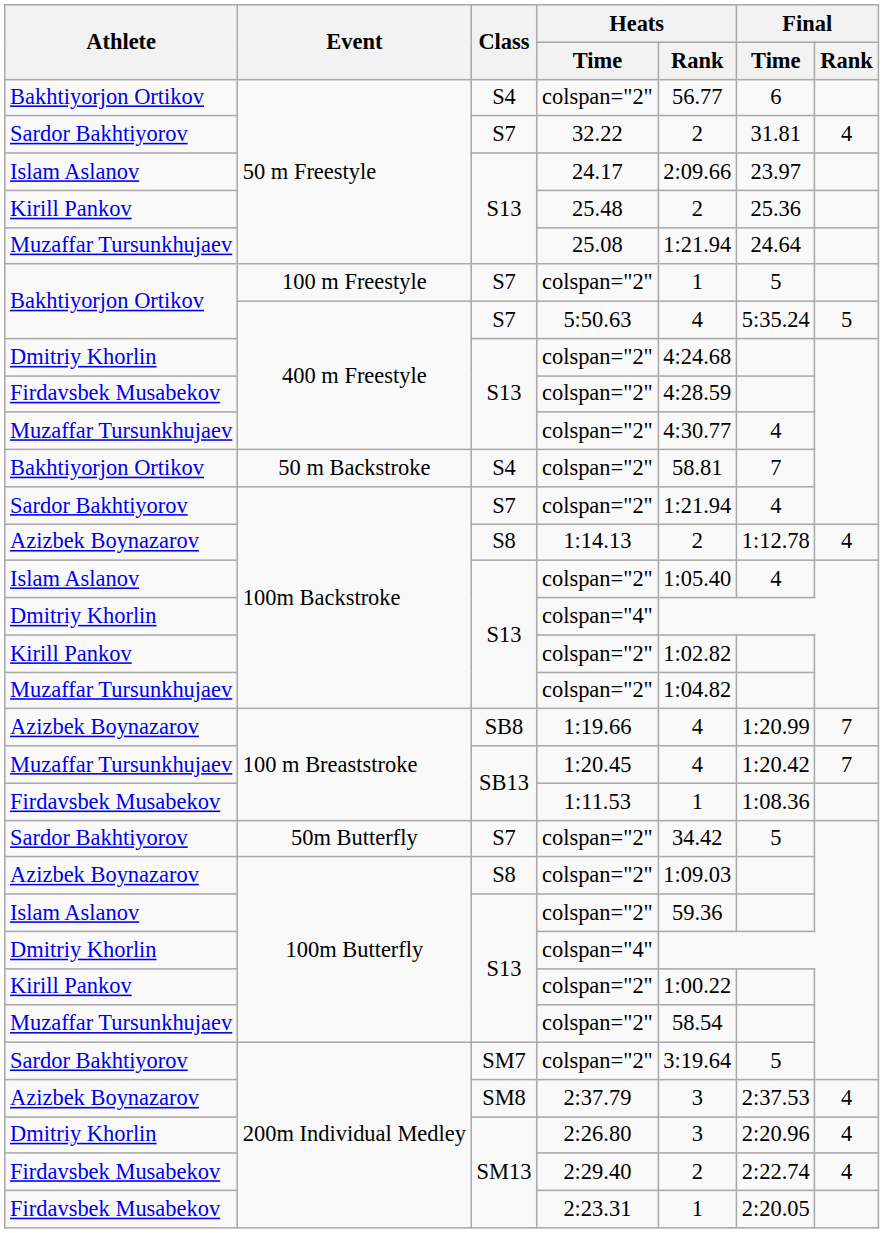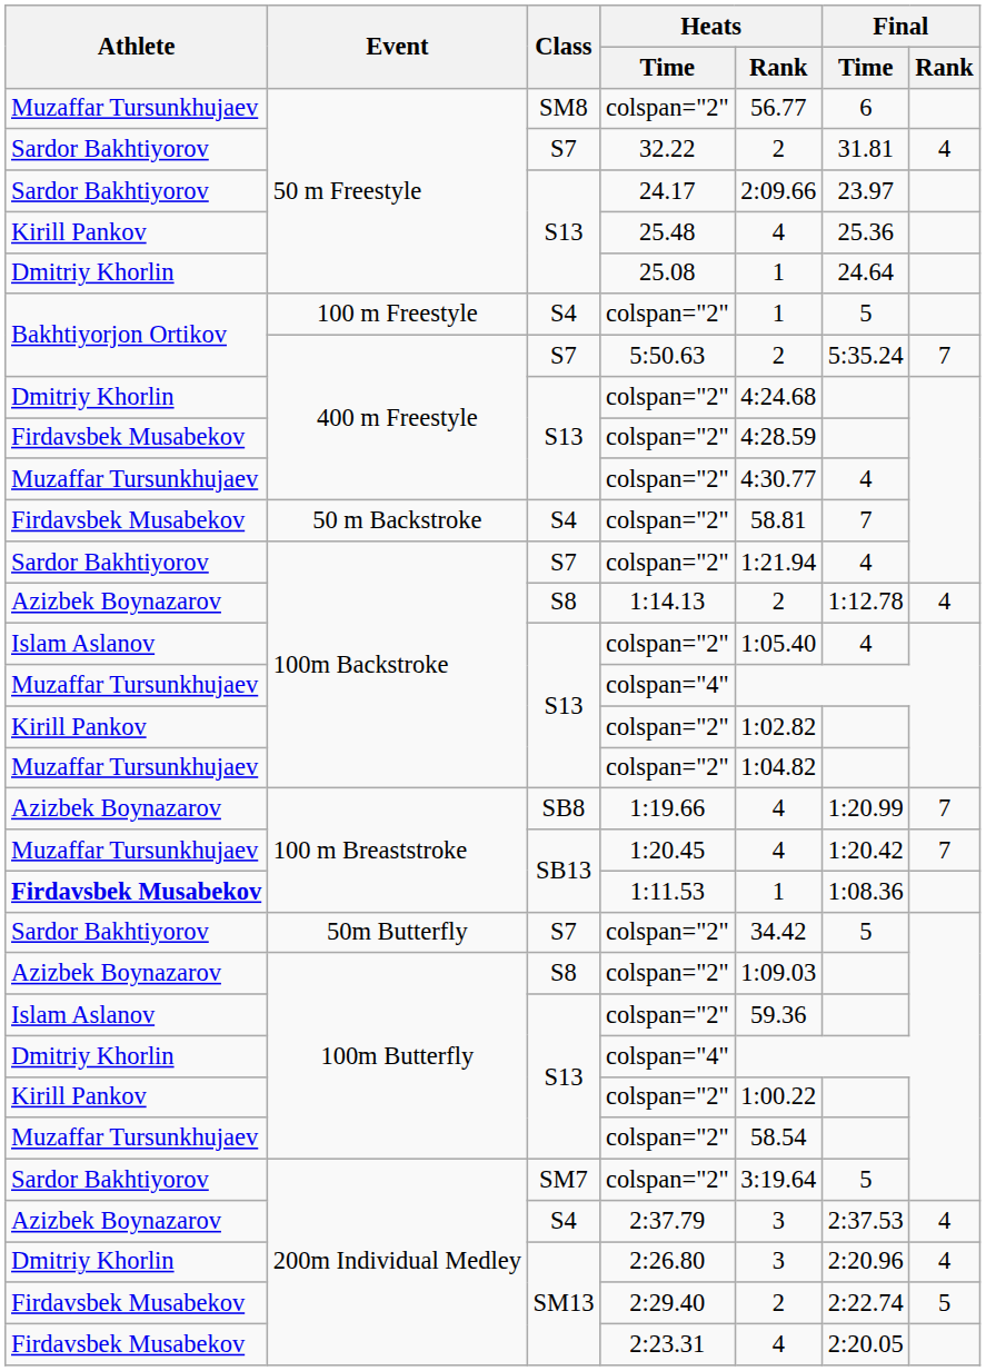 <table class="wikitable" style="text-align:center; font-size:90%">
 <tr>
 <th rowspan="2">Athlete</th>
 <th rowspan="2">Event</th>
 <th rowspan="2">Class</th>
 <th colspan="2">Heats</th>
 <th colspan="2">Final</th>
 </tr>
 <tr>
 <th>Time</th>
 <th>Rank</th>
 <th>Time</th>
 <th>Rank</th>
 </tr>
 <tr>
-<td align=left><a href='#'>Bakhtiyorjon Ortikov</a></td>
+<td align=left><a href='#'>Muzaffar Tursunkhujaev</a></td>
 <td align=left rowspan="5">50 m Freestyle</td>
-<td>S4</td>
+<td>SM8</td>
 <td>colspan="2" </td>
 <td>56.77</td>
 <td>6</td>
 </tr>
 <tr>
 <td align=left><a href='#'>Sardor Bakhtiyorov</a></td>
 <td>S7</td>
 <td>32.22</td>
 <td>2</td>
 <td>31.81</td>
 <td>4</td>
 </tr>
 <tr>
-<td align=left><a href='#'>Islam Aslanov</a></td>
+<td align=left><a href='#'>Sardor Bakhtiyorov</a></td>
 <td rowspan="3">S13</td>
 <td>24.17</td>
 <td>2:09.66</td>
 <td>23.97</td>
 <td></td>
 </tr>
 <tr>
 <td align=left><a href='#'>Kirill Pankov</a></td>
 <td>25.48</td>
-<td>2</td>
+<td>4</td>
 <td>25.36</td>
 <td></td>
 </tr>
 <tr>
-<td align=left><a href='#'>Muzaffar Tursunkhujaev</a></td>
+<td align=left><a href='#'>Dmitriy Khorlin</a></td>
 <td>25.08</td>
-<td>1:21.94</td>
+<td>1</td>
 <td>24.64</td>
 <td></td>
 </tr>
 <tr>
 <td align=left rowspan="2"><a href='#'>Bakhtiyorjon Ortikov</a></td>
 <td>100 m Freestyle</td>
-<td>S7</td>
+<td>S4</td>
 <td>colspan="2" </td>
 <td>1</td>
 <td>5</td>
 </tr>
 <tr>
 <td rowspan="4">400 m Freestyle</td>
 <td>S7</td>
 <td>5:50.63</td>
-<td>4</td>
+<td>2</td>
 <td>5:35.24</td>
-<td>5</td>
+<td>7</td>
 </tr>
 <tr>
 <td align=left><a href='#'>Dmitriy Khorlin</a></td>
 <td rowspan="3">S13</td>
 <td>colspan="2" </td>
 <td>4:24.68</td>
 <td></td>
 </tr>
 <tr>
 <td align=left><a href='#'>Firdavsbek Musabekov</a></td>
 <td>colspan="2" </td>
 <td>4:28.59</td>
 <td></td>
 </tr>
 <tr>
 <td align=left><a href='#'>Muzaffar Tursunkhujaev</a></td>
 <td>colspan="2" </td>
 <td>4:30.77</td>
 <td>4</td>
 </tr>
 <tr>
-<td align=left><a href='#'>Bakhtiyorjon Ortikov</a></td>
+<td align=left><a href='#'>Firdavsbek Musabekov</a></td>
 <td>50 m Backstroke</td>
 <td>S4</td>
 <td>colspan="2" </td>
 <td>58.81</td>
 <td>7</td>
 </tr>
 <tr>
 <td align=left><a href='#'>Sardor Bakhtiyorov</a></td>
 <td align=left rowspan="6">100m Backstroke</td>
 <td>S7</td>
 <td>colspan="2" </td>
 <td>1:21.94</td>
 <td>4</td>
 </tr>
 <tr>
 <td align=left><a href='#'>Azizbek Boynazarov</a></td>
 <td>S8</td>
 <td>1:14.13</td>
 <td>2</td>
 <td>1:12.78</td>
 <td>4</td>
 </tr>
 <tr>
 <td align=left><a href='#'>Islam Aslanov</a></td>
 <td rowspan="4">S13</td>
 <td>colspan="2" </td>
 <td>1:05.40</td>
 <td>4</td>
 </tr>
 <tr>
-<td align=left><a href='#'>Dmitriy Khorlin</a></td>
+<td align=left><a href='#'>Muzaffar Tursunkhujaev</a></td>
 <td>colspan="4" </td>
 </tr>
 <tr>
 <td align=left><a href='#'>Kirill Pankov</a></td>
 <td>colspan="2" </td>
 <td>1:02.82</td>
 <td></td>
 </tr>
 <tr>
 <td align=left><a href='#'>Muzaffar Tursunkhujaev</a></td>
 <td>colspan="2" </td>
 <td>1:04.82</td>
 <td></td>
 </tr>
 <tr>
 <td align=left><a href='#'>Azizbek Boynazarov</a></td>
 <td align=left rowspan="3">100 m Breaststroke</td>
 <td>SB8</td>
 <td>1:19.66</td>
 <td>4</td>
 <td>1:20.99</td>
 <td>7</td>
 </tr>
 <tr>
 <td align=left><a href='#'>Muzaffar Tursunkhujaev</a></td>
 <td rowspan="2">SB13</td>
 <td>1:20.45</td>
 <td>4</td>
 <td>1:20.42</td>
 <td>7</td>
 </tr>
 <tr>
-<td align=left><a href='#'>Firdavsbek Musabekov</a></td>
+<td align=left><strong><a href='#'>Firdavsbek Musabekov</a></strong></td>
 <td>1:11.53</td>
 <td>1</td>
 <td>1:08.36</td>
 <td></td>
 </tr>
 <tr>
 <td align=left><a href='#'>Sardor Bakhtiyorov</a></td>
 <td>50m Butterfly</td>
 <td>S7</td>
 <td>colspan="2" </td>
 <td>34.42</td>
 <td>5</td>
 </tr>
 <tr>
 <td align=left><a href='#'>Azizbek Boynazarov</a></td>
 <td rowspan="5">100m Butterfly</td>
 <td>S8</td>
 <td>colspan="2" </td>
 <td>1:09.03</td>
 <td></td>
 </tr>
 <tr>
 <td align=left><a href='#'>Islam Aslanov</a></td>
 <td rowspan="4">S13</td>
 <td>colspan="2" </td>
 <td>59.36</td>
 <td></td>
 </tr>
 <tr>
 <td align=left><a href='#'>Dmitriy Khorlin</a></td>
 <td>colspan="4" </td>
 </tr>
 <tr>
 <td align=left><a href='#'>Kirill Pankov</a></td>
 <td>colspan="2" </td>
 <td>1:00.22</td>
 <td></td>
 </tr>
 <tr>
 <td align=left><a href='#'>Muzaffar Tursunkhujaev</a></td>
 <td>colspan="2" </td>
 <td>58.54</td>
 <td></td>
 </tr>
 <tr>
 <td align=left><a href='#'>Sardor Bakhtiyorov</a></td>
 <td rowspan="5">200m Individual Medley</td>
 <td>SM7</td>
 <td>colspan="2" </td>
 <td>3:19.64</td>
 <td>5</td>
 </tr>
 <tr>
 <td align=left><a href='#'>Azizbek Boynazarov</a></td>
-<td>SM8</td>
+<td>S4</td>
 <td>2:37.79</td>
 <td>3</td>
 <td>2:37.53</td>
 <td>4</td>
 </tr>
 <tr>
 <td align=left><a href='#'>Dmitriy Khorlin</a></td>
 <td rowspan="3">SM13</td>
 <td>2:26.80</td>
 <td>3</td>
 <td>2:20.96</td>
 <td>4</td>
 </tr>
 <tr>
 <td align=left><a href='#'>Firdavsbek Musabekov</a></td>
 <td>2:29.40</td>
 <td>2</td>
 <td>2:22.74</td>
-<td>4</td>
+<td>5</td>
 </tr>
 <tr>
 <td align=left><a href='#'>Firdavsbek Musabekov</a></td>
 <td>2:23.31</td>
-<td>1</td>
+<td>4</td>
 <td>2:20.05</td>
 <td></td>
 </tr>
 </table>
